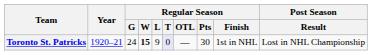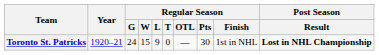 <table class="wikitable" style="font-size: 95%; text-align:center;">
 <tr>
 <th rowspan="2">Team</th>
 <th rowspan="2">Year</th>
 <th colspan="7">Regular Season</th>
 <th colspan="1">Post Season</th>
 </tr>
 <tr>
 <th>G</th>
 <th>W</th>
 <th>L</th>
 <th>T</th>
 <th>OTL</th>
 <th>Pts</th>
 <th>Finish</th>
 <th>Result</th>
 </tr>
 <tr>
 <th><a href='#'>Toronto St. Patricks</a></th>
 <td><a href='#'>1920–21</a></td>
 <td>24</td>
-<td><strong>15</strong></td>
+<td>15</td>
 <td>9</td>
-<td style="background: lavender;">0</td>
+<td>0</td>
 <td>—</td>
 <td>30</td>
 <td>1st in NHL</td>
-<td>Lost in NHL Championship</td>
+<td><strong>Lost in NHL Championship</strong></td>
 </tr>
 </table>
